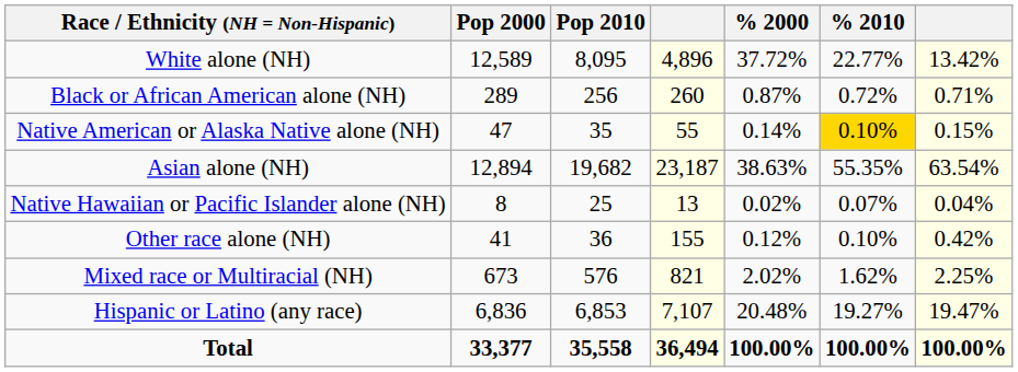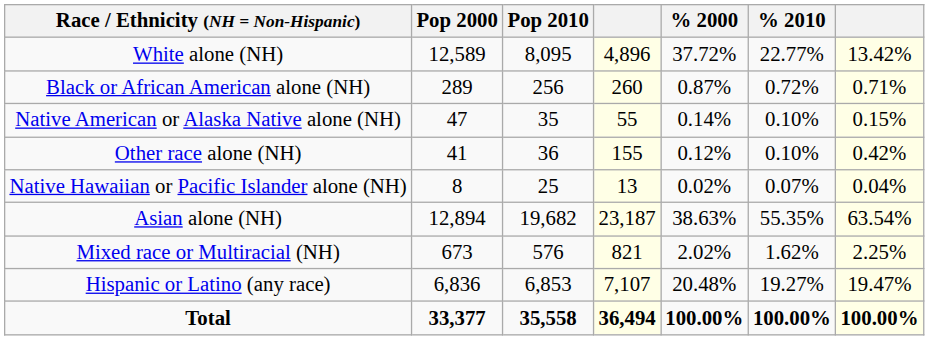 <table class="wikitable" style="text-align:center;">
 <tr>
 <th>Race / Ethnicity <small>(<em>NH = Non-Hispanic</em>)</small></th>
 <th>Pop 2000</th>
 <th>Pop 2010</th>
 <th></th>
 <th>% 2000</th>
 <th>% 2010</th>
 <th></th>
 </tr>
 <tr>
 <td><a href='#'>White</a> alone (NH)</td>
 <td>12,589</td>
 <td>8,095</td>
 <td style='background: #ffffe6;'>4,896</td>
 <td>37.72%</td>
 <td>22.77%</td>
 <td style='background: #ffffe6;'>13.42%</td>
 </tr>
 <tr>
 <td><a href='#'>Black or African American</a> alone (NH)</td>
 <td>289</td>
 <td>256</td>
 <td style='background: #ffffe6;'>260</td>
 <td>0.87%</td>
 <td>0.72%</td>
 <td style='background: #ffffe6;'>0.71%</td>
 </tr>
 <tr>
 <td><a href='#'>Native American</a> or <a href='#'>Alaska Native</a> alone (NH)</td>
 <td>47</td>
 <td>35</td>
 <td style='background: #ffffe6;'>55</td>
 <td>0.14%</td>
-<td style="background: gold;">0.10%</td>
+<td>0.10%</td>
 <td style='background: #ffffe6;'>0.15%</td>
 </tr>
 <tr>
-<td><a href='#'>Asian</a> alone (NH)</td>
-<td>12,894</td>
-<td>19,682</td>
-<td style='background: #ffffe6;'>23,187</td>
-<td>38.63%</td>
-<td>55.35%</td>
-<td style='background: #ffffe6;'>63.54%</td>
+<td><a href='#'>Other race</a> alone (NH)</td>
+<td>41</td>
+<td>36</td>
+<td style='background: #ffffe6;'>155</td>
+<td>0.12%</td>
+<td>0.10%</td>
+<td style='background: #ffffe6;'>0.42%</td>
 </tr>
 <tr>
 <td><a href='#'>Native Hawaiian</a> or <a href='#'>Pacific Islander</a> alone (NH)</td>
 <td>8</td>
 <td>25</td>
 <td style='background: #ffffe6;'>13</td>
 <td>0.02%</td>
 <td>0.07%</td>
 <td style='background: #ffffe6;'>0.04%</td>
 </tr>
 <tr>
-<td><a href='#'>Other race</a> alone (NH)</td>
-<td>41</td>
-<td>36</td>
-<td style='background: #ffffe6;'>155</td>
-<td>0.12%</td>
-<td>0.10%</td>
-<td style='background: #ffffe6;'>0.42%</td>
+<td><a href='#'>Asian</a> alone (NH)</td>
+<td>12,894</td>
+<td>19,682</td>
+<td style='background: #ffffe6;'>23,187</td>
+<td>38.63%</td>
+<td>55.35%</td>
+<td style='background: #ffffe6;'>63.54%</td>
 </tr>
 <tr>
 <td><a href='#'>Mixed race or Multiracial</a> (NH)</td>
 <td>673</td>
 <td>576</td>
 <td style='background: #ffffe6;'>821</td>
 <td>2.02%</td>
 <td>1.62%</td>
 <td style='background: #ffffe6;'>2.25%</td>
 </tr>
 <tr>
 <td><a href='#'>Hispanic or Latino</a> (any race)</td>
 <td>6,836</td>
 <td>6,853</td>
 <td style='background: #ffffe6;'>7,107</td>
 <td>20.48%</td>
 <td>19.27%</td>
 <td style='background: #ffffe6;'>19.47%</td>
 </tr>
 <tr>
 <td><strong>Total</strong></td>
 <td><strong>33,377</strong></td>
 <td><strong>35,558</strong></td>
 <td style='background: #ffffe6;'><strong>36,494</strong></td>
 <td><strong>100.00%</strong></td>
 <td><strong>100.00%</strong></td>
 <td style='background: #ffffe6;'><strong>100.00%</strong></td>
 </tr>
 </table>
